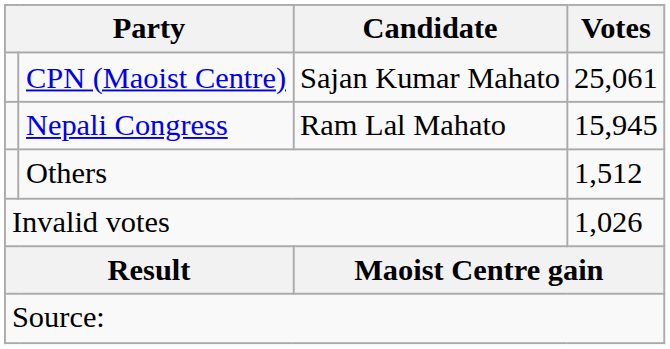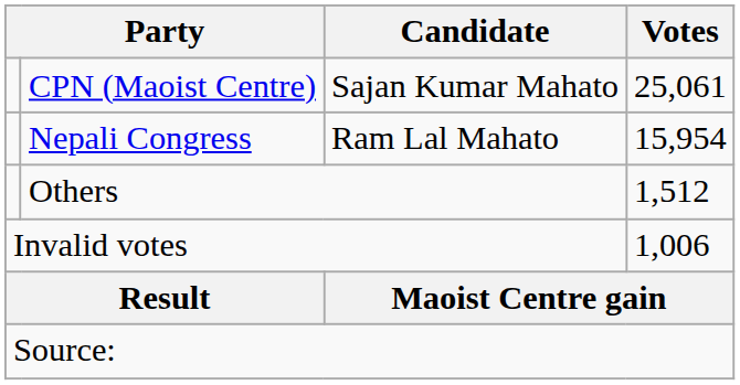 <table class="wikitable">
 <tr>
 <th colspan="2">Party</th>
 <th>Candidate</th>
 <th>Votes</th>
 </tr>
 <tr>
 <td style="background-color:"></td>
 <td><a href='#'>CPN (Maoist Centre)</a></td>
 <td>Sajan Kumar Mahato</td>
 <td>25,061</td>
 </tr>
 <tr>
 <td style="background-color:"></td>
 <td><a href='#'>Nepali Congress</a></td>
 <td>Ram Lal Mahato</td>
-<td>15,945</td>
+<td>15,954</td>
 </tr>
 <tr>
 <td></td>
 <td colspan="2">Others</td>
 <td>1,512</td>
 </tr>
 <tr>
 <td colspan="3">Invalid votes</td>
-<td>1,026</td>
+<td>1,006</td>
 </tr>
 <tr>
 <th colspan="2">Result</th>
 <th colspan="2">Maoist Centre gain</th>
 </tr>
 <tr>
 <td colspan="4">Source: </td>
 </tr>
 </table>
